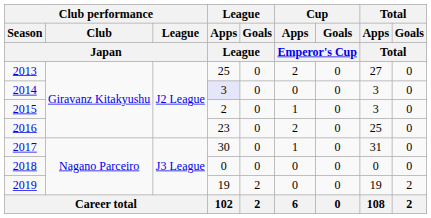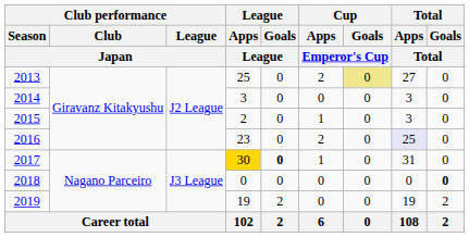 <table class="wikitable" style="text-align:center">
 <tr>
 <th colspan=3>Club performance</th>
 <th colspan=2>League</th>
 <th colspan=2>Cup</th>
 <th colspan=2>Total</th>
 </tr>
 <tr>
 <th>Season</th>
 <th>Club</th>
 <th>League</th>
 <th>Apps</th>
 <th>Goals</th>
 <th>Apps</th>
 <th>Goals</th>
 <th>Apps</th>
 <th>Goals</th>
 </tr>
 <tr>
 <th colspan=3>Japan</th>
 <th colspan=2>League</th>
 <th colspan=2><a href='#'>Emperor's Cup</a></th>
 <th colspan=2>Total</th>
 </tr>
 <tr>
 <td><a href='#'>2013</a></td>
 <td rowspan="4"><a href='#'>Giravanz Kitakyushu</a></td>
 <td rowspan="4"><a href='#'>J2 League</a></td>
 <td>25</td>
 <td>0</td>
 <td>2</td>
-<td>0</td>
+<td style="background: khaki;">0</td>
 <td>27</td>
 <td>0</td>
 </tr>
 <tr>
 <td><a href='#'>2014</a></td>
-<td style="background: lavender;">3</td>
+<td>3</td>
 <td>0</td>
 <td>0</td>
 <td>0</td>
 <td>3</td>
 <td>0</td>
 </tr>
 <tr>
 <td><a href='#'>2015</a></td>
 <td>2</td>
 <td>0</td>
 <td>1</td>
 <td>0</td>
 <td>3</td>
 <td>0</td>
 </tr>
 <tr>
 <td><a href='#'>2016</a></td>
 <td>23</td>
 <td>0</td>
 <td>2</td>
 <td>0</td>
-<td>25</td>
+<td style="background: lavender;">25</td>
 <td>0</td>
 </tr>
 <tr>
 <td><a href='#'>2017</a></td>
 <td rowspan="3"><a href='#'>Nagano Parceiro</a></td>
 <td rowspan="3"><a href='#'>J3 League</a></td>
-<td>30</td>
-<td>0</td>
+<td style="background: gold;">30</td>
+<td><strong>0</strong></td>
 <td>1</td>
 <td>0</td>
 <td>31</td>
 <td>0</td>
 </tr>
 <tr>
 <td><a href='#'>2018</a></td>
 <td>0</td>
 <td>0</td>
 <td>0</td>
 <td>0</td>
 <td>0</td>
-<td>0</td>
+<td><strong>0</strong></td>
 </tr>
 <tr>
 <td><a href='#'>2019</a></td>
 <td>19</td>
 <td>2</td>
 <td>0</td>
 <td>0</td>
 <td>19</td>
 <td>2</td>
 </tr>
 <tr>
 <th colspan=3>Career total</th>
 <th>102</th>
 <th>2</th>
 <th>6</th>
 <th>0</th>
 <th>108</th>
 <th>2</th>
 </tr>
 </table>
